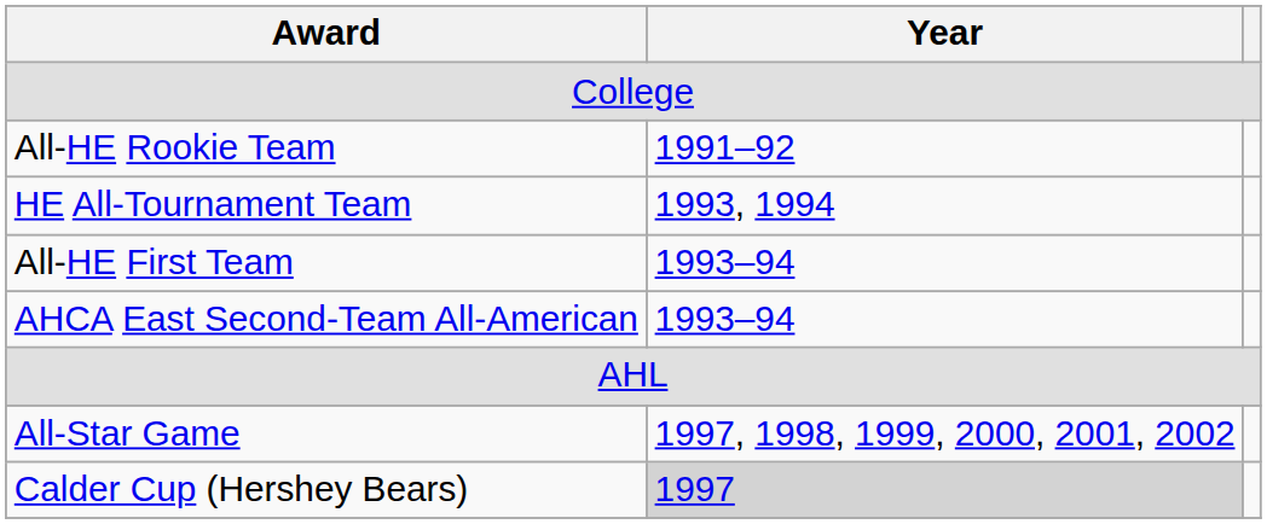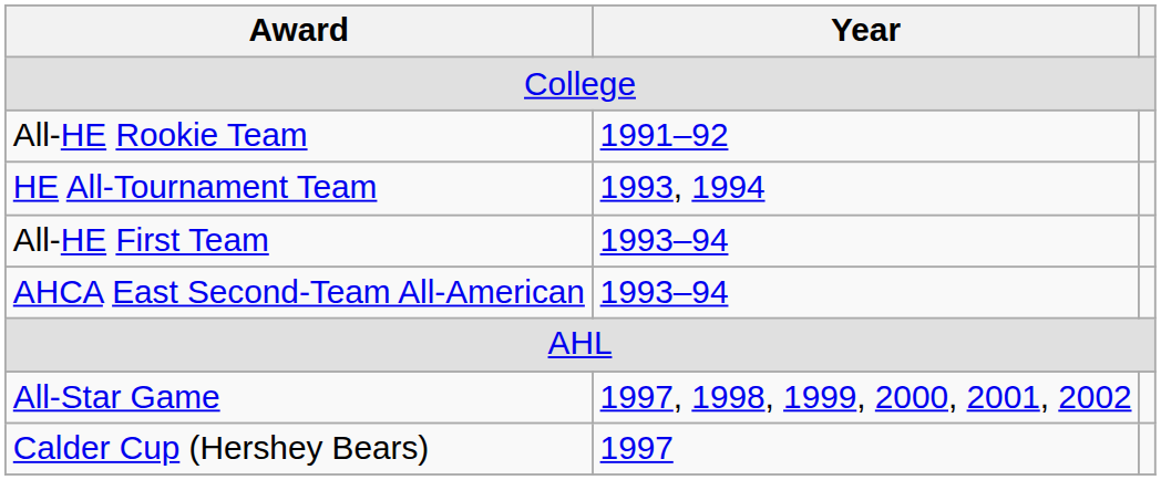 <table class="wikitable">
 <tr>
 <th>Award</th>
 <th>Year</th>
 <th></th>
 </tr>
 <tr ALIGN="center" bgcolor="#e0e0e0">
 <td colspan="3"><a href='#'>College</a></td>
 </tr>
 <tr>
 <td>All-<a href='#'>HE</a> <a href='#'>Rookie Team</a></td>
 <td><a href='#'>1991–92</a></td>
 <td></td>
 </tr>
 <tr>
 <td><a href='#'>HE</a> <a href='#'>All-Tournament Team</a></td>
 <td><a href='#'>1993</a>, <a href='#'>1994</a></td>
 <td></td>
 </tr>
 <tr>
 <td>All-<a href='#'>HE</a> <a href='#'>First Team</a></td>
 <td><a href='#'>1993–94</a></td>
 <td></td>
 </tr>
 <tr>
 <td><a href='#'>AHCA</a> <a href='#'>East Second-Team All-American</a></td>
 <td><a href='#'>1993–94</a></td>
 <td></td>
 </tr>
 <tr ALIGN="center" bgcolor="#e0e0e0">
 <td colspan="3"><a href='#'>AHL</a></td>
 </tr>
 <tr>
 <td><a href='#'>All-Star Game</a></td>
 <td><a href='#'>1997</a>, <a href='#'>1998</a>, <a href='#'>1999</a>, <a href='#'>2000</a>, <a href='#'>2001</a>, <a href='#'>2002</a></td>
 <td></td>
 </tr>
 <tr>
 <td><a href='#'>Calder Cup</a> (Hershey Bears)</td>
-<td style="background: lightgrey;"><a href='#'>1997</a></td>
+<td><a href='#'>1997</a></td>
 <td></td>
 </tr>
 </table>
